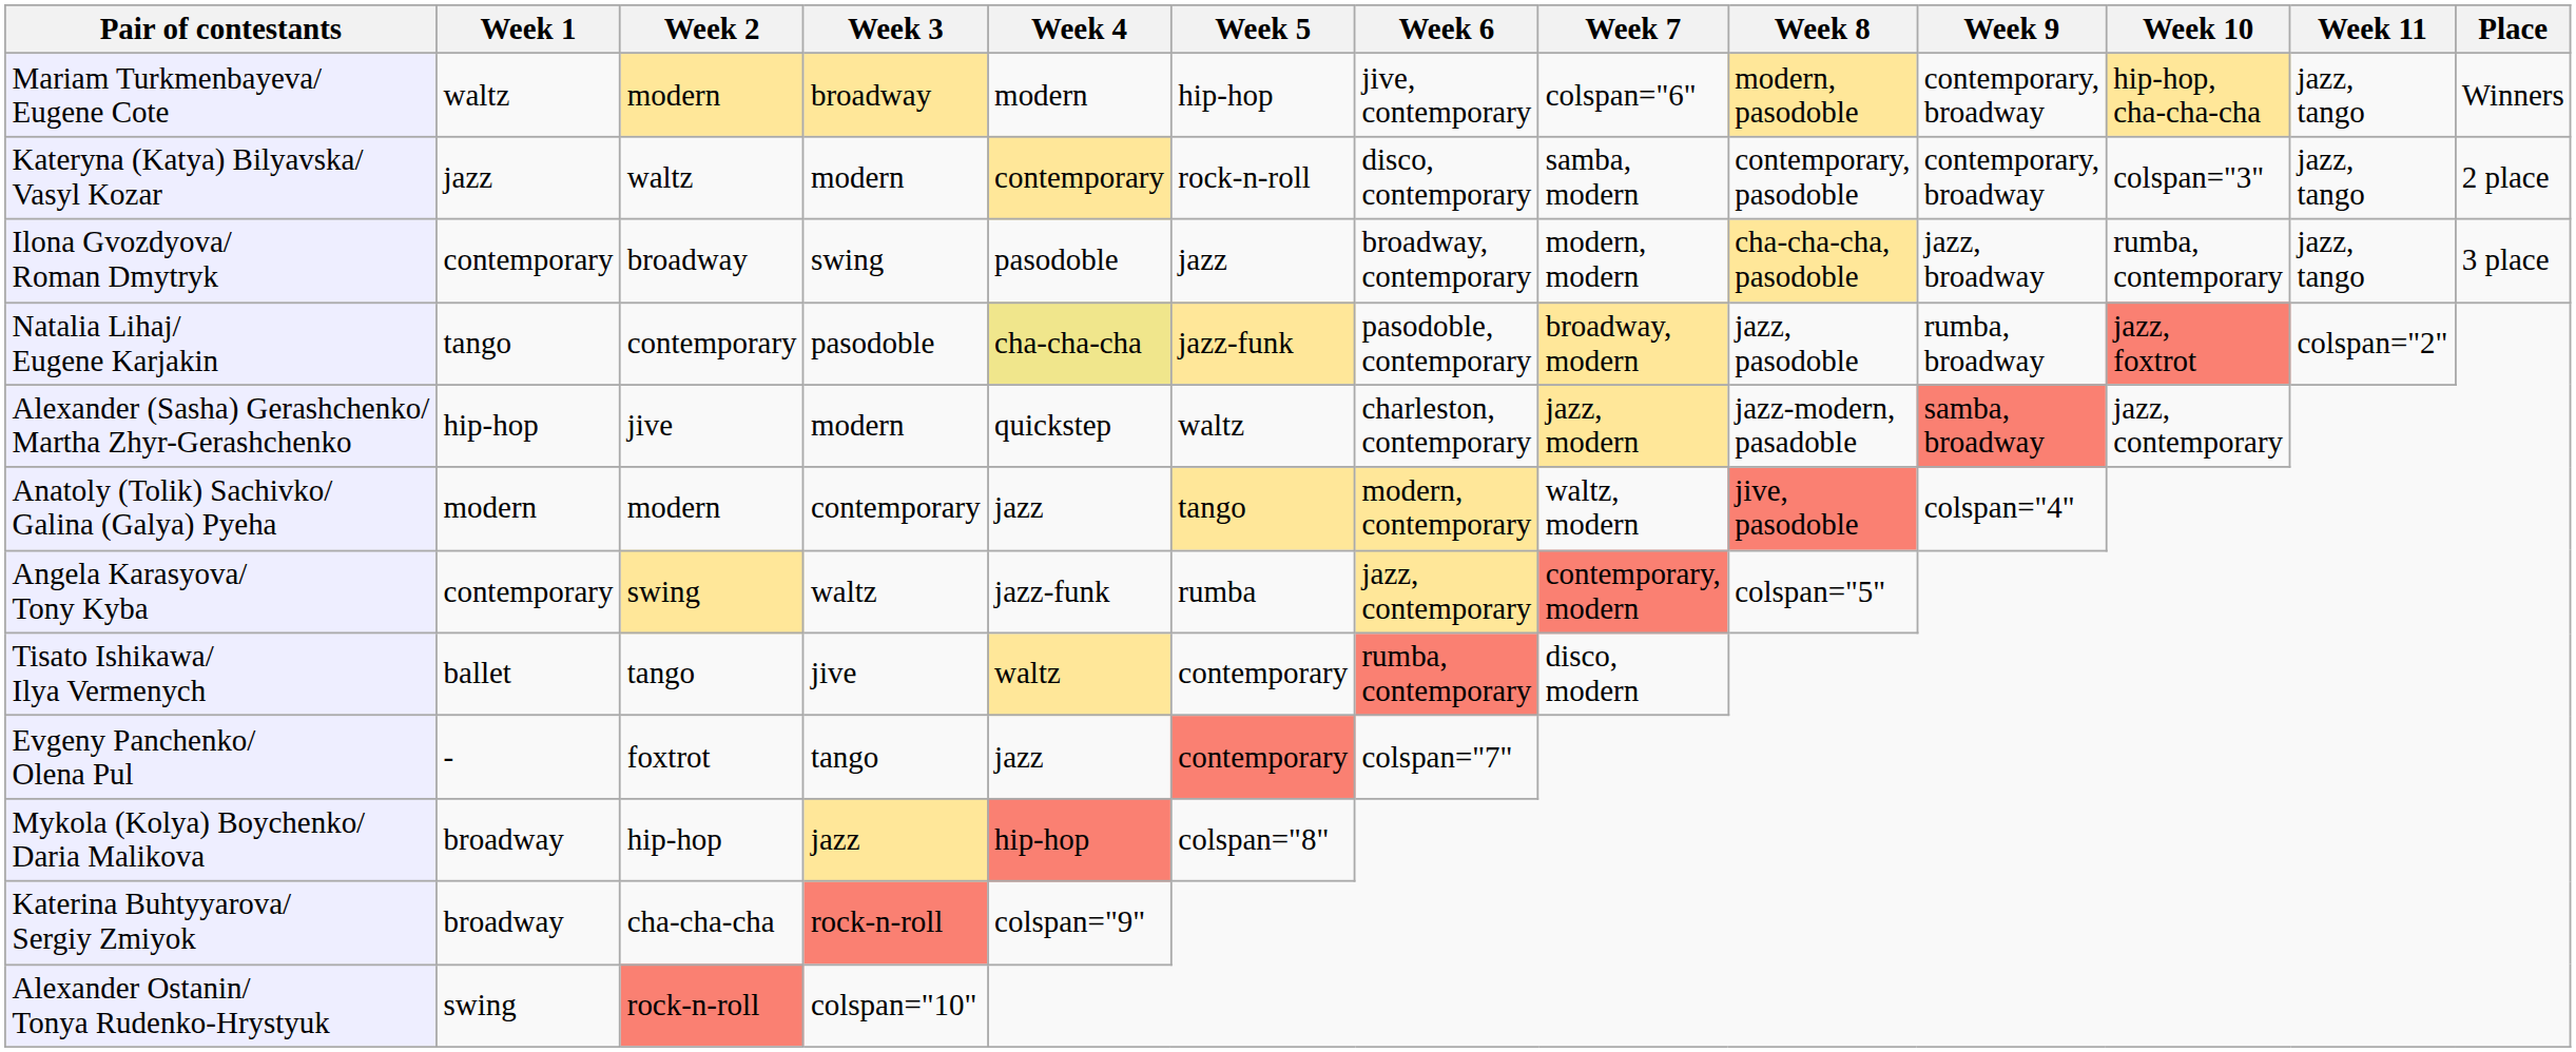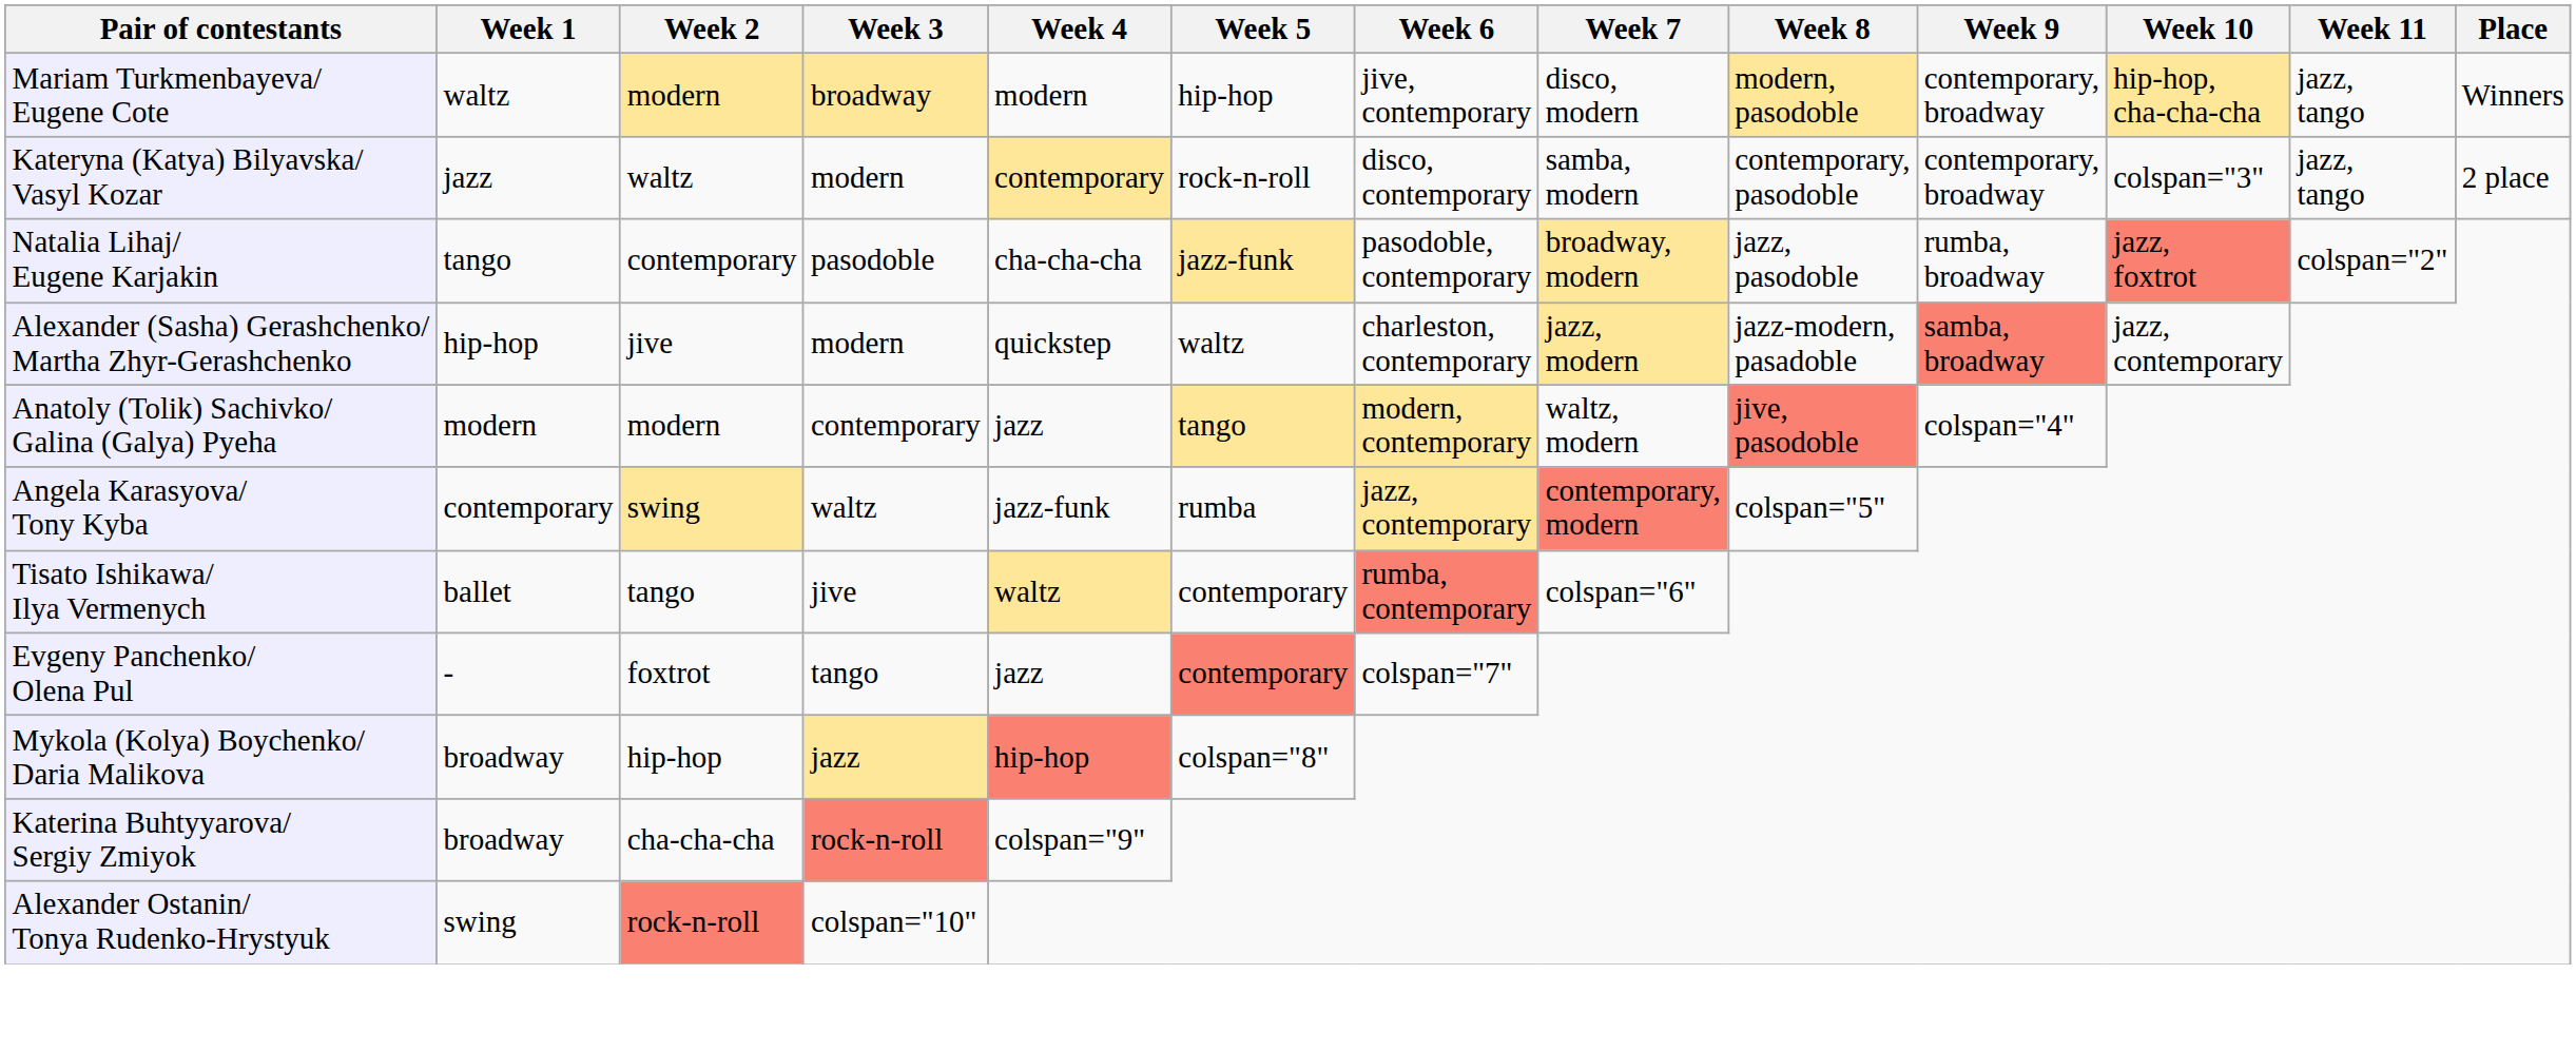 <table class="wikitable">
 <tr>
 <th>Pair of contestants</th>
 <th>Week 1</th>
 <th>Week 2</th>
 <th>Week 3</th>
 <th>Week 4</th>
 <th>Week 5</th>
 <th>Week 6</th>
 <th>Week 7</th>
 <th>Week 8</th>
 <th>Week 9</th>
 <th>Week 10</th>
 <th>Week 11</th>
 <th>Place</th>
 </tr>
 <tr>
 <td bgcolor="#eeeeff">Mariam Turkmenbayeva/ <br> Eugene Cote</td>
 <td>waltz</td>
 <td bgcolor=#FFE799>modern</td>
 <td bgcolor=#FFE799>broadway</td>
 <td>modern</td>
 <td>hip-hop</td>
 <td>jive, <br> contemporary</td>
-<td>colspan="6" </td>
+<td>disco, <br> modern</td>
 <td bgcolor=#FFE799>modern, <br> pasodoble</td>
 <td>contemporary, <br> broadway</td>
 <td bgcolor=#FFE799>hip-hop, <br> cha-cha-cha</td>
 <td>jazz, <br> tango</td>
 <td>Winners</td>
 </tr>
 <tr>
 <td bgcolor="#eeeeff">Kateryna (Katya) Bilyavska/ <br> Vasyl Kozar</td>
 <td>jazz</td>
 <td>waltz</td>
 <td>modern</td>
 <td bgcolor=#FFE799>contemporary</td>
 <td>rock-n-roll</td>
 <td>disco, <br> contemporary</td>
 <td>samba, <br> modern</td>
 <td>contemporary, <br> pasodoble</td>
 <td>contemporary, <br> broadway</td>
 <td>colspan="3" </td>
 <td>jazz, <br> tango</td>
 <td>2 place</td>
 </tr>
 <tr>
-<td bgcolor="#eeeeff">Ilona Gvozdyova/ <br> Roman Dmytryk</td>
-<td>contemporary</td>
-<td>broadway</td>
-<td>swing</td>
-<td>pasodoble</td>
-<td>jazz</td>
-<td>broadway, <br> contemporary</td>
-<td>modern, <br> modern</td>
-<td bgcolor=#FFE799>cha-cha-cha, <br> pasodoble</td>
-<td>jazz, <br> broadway</td>
-<td>rumba, <br> contemporary</td>
-<td>jazz, <br> tango</td>
-<td>3 place</td>
-</tr>
-<tr>
 <td bgcolor="#eeeeff">Natalia Lihaj/ <br> Eugene Karjakin</td>
 <td>tango</td>
 <td>contemporary</td>
 <td>pasodoble</td>
-<td style="background: khaki;">cha-cha-cha</td>
+<td>cha-cha-cha</td>
 <td bgcolor=#FFE799>jazz-funk</td>
 <td>pasodoble, <br> contemporary</td>
 <td bgcolor=#FFE799>broadway, <br> modern</td>
 <td>jazz, <br> pasodoble</td>
 <td>rumba, <br> broadway</td>
 <td bgcolor=#FA8072>jazz, <br> foxtrot</td>
 <td>colspan="2" </td>
 </tr>
 <tr>
 <td bgcolor="#eeeeff">Alexander (Sasha) Gerashchenko/ <br> Martha Zhyr-Gerashchenko</td>
 <td>hip-hop</td>
 <td>jive</td>
 <td>modern</td>
 <td>quickstep</td>
 <td>waltz</td>
 <td>charleston, <br> contemporary</td>
 <td bgcolor=#FFE799>jazz, <br> modern</td>
 <td>jazz-modern, <br> pasadoble</td>
 <td bgcolor=#FA8072>samba, <br> broadway</td>
 <td>jazz, <br> contemporary</td>
 </tr>
 <tr>
 <td bgcolor="#eeeeff">Anatoly (Tolik) Sachivko/ <br> Galina (Galya) Pyeha</td>
 <td>modern</td>
 <td>modern</td>
 <td>contemporary</td>
 <td>jazz</td>
 <td bgcolor=#FFE799>tango</td>
 <td bgcolor=#FFE799>modern, <br> contemporary</td>
 <td>waltz, <br> modern</td>
 <td bgcolor=#FA8072>jive, <br> pasodoble</td>
 <td>colspan="4" </td>
 </tr>
 <tr>
 <td bgcolor="#eeeeff">Angela Karasyova/ <br> Tony Kyba</td>
 <td>contemporary</td>
 <td bgcolor=#FFE799>swing</td>
 <td>waltz</td>
 <td>jazz-funk</td>
 <td>rumba</td>
 <td bgcolor=#FFE799>jazz, <br> contemporary</td>
 <td bgcolor=#FA8072>contemporary, <br> modern</td>
 <td>colspan="5" </td>
 </tr>
 <tr>
 <td bgcolor="#eeeeff">Tisato Ishikawa/ <br> Ilya Vermenych</td>
 <td>ballet</td>
 <td>tango</td>
 <td>jive</td>
 <td bgcolor=#FFE799>waltz</td>
 <td>contemporary</td>
 <td bgcolor=#FA8072>rumba, <br> contemporary</td>
-<td>disco, <br> modern</td>
+<td>colspan="6" </td>
 </tr>
 <tr>
 <td bgcolor="#eeeeff">Evgeny Panchenko/ <br> Olena Pul</td>
 <td>-</td>
 <td>foxtrot</td>
 <td>tango</td>
 <td>jazz</td>
 <td bgcolor=#FA8072>contemporary</td>
 <td>colspan="7" </td>
 </tr>
 <tr>
 <td bgcolor="#eeeeff">Mykola (Kolya) Boychenko/ <br> Daria Malikova</td>
 <td>broadway</td>
 <td>hip-hop</td>
 <td bgcolor=#FFE799>jazz</td>
 <td bgcolor=#FA8072>hip-hop</td>
 <td>colspan="8" </td>
 </tr>
 <tr>
 <td bgcolor="#eeeeff">Katerina Buhtyyarova/ <br> Sergiy Zmiyok</td>
 <td>broadway</td>
 <td>cha-cha-cha</td>
 <td bgcolor=#FA8072>rock-n-roll</td>
 <td>colspan="9" </td>
 </tr>
 <tr>
 <td bgcolor="#eeeeff">Alexander Ostanin/ <br> Tonya Rudenko-Hrystyuk</td>
 <td>swing</td>
 <td bgcolor=#FA8072>rock-n-roll</td>
 <td>colspan="10" </td>
 </tr>
 </table>
